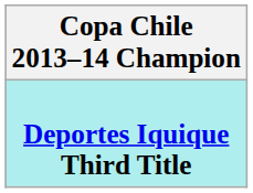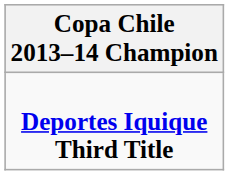 <table class="wikitable" style="text-align: center; margin: 0 auto;">
 <tr>
 <th>Copa Chile<br>2013–14 Champion</th>
 </tr>
 <tr>
-<td style="background: paleturquoise;"><br><strong><a href='#'>Deportes Iquique</a></strong><br><strong>Third Title</strong></td>
+<td><br><strong><a href='#'>Deportes Iquique</a></strong><br><strong>Third Title</strong></td>
 </tr>
 </table>
